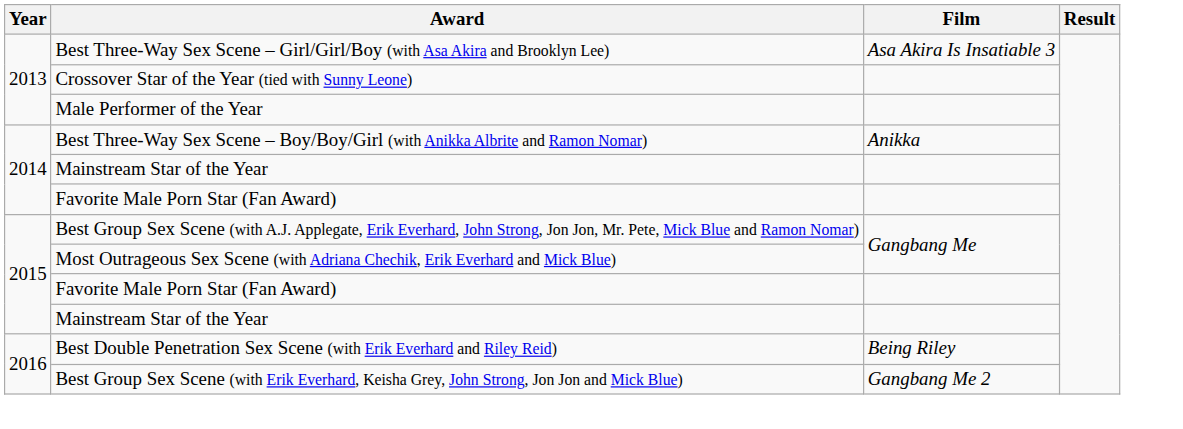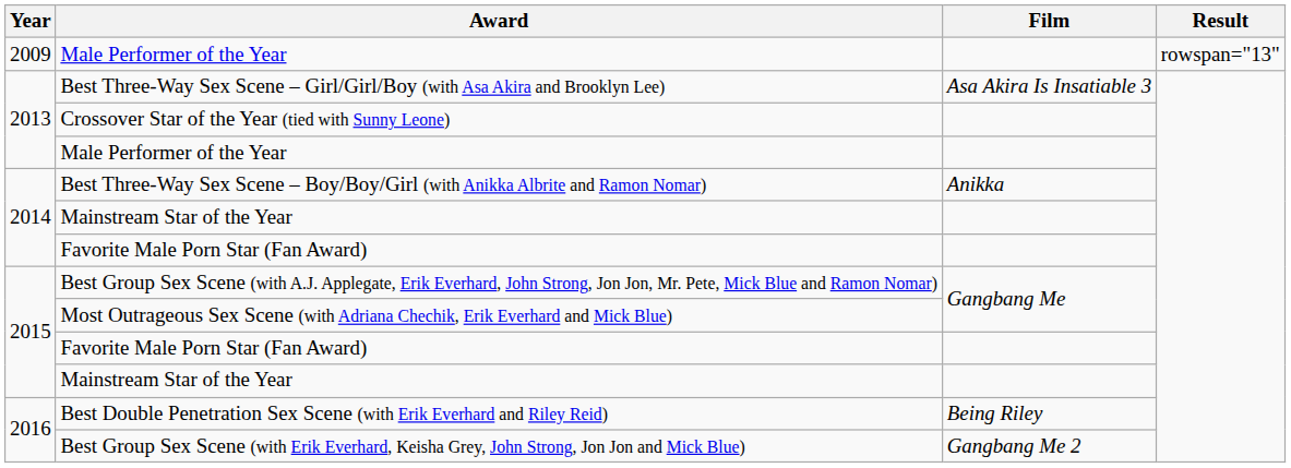 <table class="wikitable">
 <tr>
 <th>Year</th>
 <th>Award</th>
 <th>Film</th>
 <th>Result</th>
+</tr>
+<tr>
+<td>2009</td>
+<td><a href='#'>Male Performer of the Year</a></td>
+<td></td>
+<td>rowspan="13" </td>
 </tr>
 <tr>
 <td rowspan="3">2013</td>
 <td>Best Three-Way Sex Scene – Girl/Girl/Boy <small>(with <a href='#'>Asa Akira</a> and Brooklyn Lee)</small></td>
 <td><em>Asa Akira Is Insatiable 3</em></td>
 </tr>
 <tr>
 <td>Crossover Star of the Year <small>(tied with <a href='#'>Sunny Leone</a>)</small></td>
 <td></td>
 </tr>
 <tr>
 <td>Male Performer of the Year</td>
 <td></td>
 </tr>
 <tr>
 <td rowspan="3">2014</td>
 <td>Best Three-Way Sex Scene – Boy/Boy/Girl <small>(with <a href='#'>Anikka Albrite</a> and <a href='#'>Ramon Nomar</a>)</small></td>
 <td><em>Anikka</em></td>
 </tr>
 <tr>
 <td>Mainstream Star of the Year</td>
 <td></td>
 </tr>
 <tr>
 <td>Favorite Male Porn Star (Fan Award)</td>
 <td></td>
 </tr>
 <tr>
 <td rowspan="4">2015</td>
 <td>Best Group Sex Scene <small>(with A.J. Applegate, <a href='#'>Erik Everhard</a>, <a href='#'>John Strong</a>, Jon Jon, Mr. Pete, <a href='#'>Mick Blue</a> and <a href='#'>Ramon Nomar</a>)</small></td>
 <td rowspan="2"><em>Gangbang Me</em></td>
 </tr>
 <tr>
 <td>Most Outrageous Sex Scene <small>(with <a href='#'>Adriana Chechik</a>, <a href='#'>Erik Everhard</a> and <a href='#'>Mick Blue</a>)</small></td>
 </tr>
 <tr>
 <td>Favorite Male Porn Star (Fan Award)</td>
 <td></td>
 </tr>
 <tr>
 <td>Mainstream Star of the Year</td>
 <td></td>
 </tr>
 <tr>
 <td rowspan="2">2016</td>
 <td>Best Double Penetration Sex Scene <small>(with <a href='#'>Erik Everhard</a> and <a href='#'>Riley Reid</a>)</small></td>
 <td><em>Being Riley</em></td>
 </tr>
 <tr>
 <td>Best Group Sex Scene <small>(with <a href='#'>Erik Everhard</a>, Keisha Grey, <a href='#'>John Strong</a>, Jon Jon and <a href='#'>Mick Blue</a>)</small></td>
 <td><em>Gangbang Me 2</em></td>
 </tr>
 </table>
